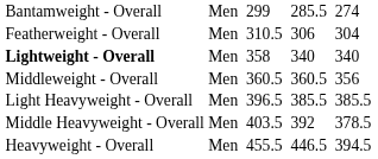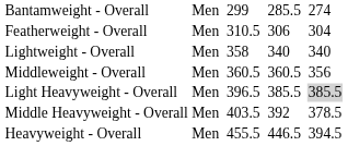 <table>
 <tr>
 <td>Bantamweight - Overall</td>
 <td>Men</td>
 <td></td>
 <td>299</td>
 <td></td>
 <td>285.5</td>
 <td></td>
 <td>274</td>
 </tr>
 <tr>
 <td>Featherweight - Overall</td>
 <td>Men</td>
 <td></td>
 <td>310.5</td>
 <td></td>
 <td>306</td>
 <td></td>
 <td>304</td>
 </tr>
 <tr>
-<td><strong>Lightweight - Overall</strong></td>
+<td>Lightweight - Overall</td>
 <td>Men</td>
 <td></td>
 <td>358</td>
 <td></td>
 <td>340</td>
 <td></td>
 <td>340</td>
 </tr>
 <tr>
 <td>Middleweight - Overall</td>
 <td>Men</td>
 <td></td>
 <td>360.5</td>
 <td></td>
 <td>360.5</td>
 <td></td>
 <td>356</td>
 </tr>
 <tr>
 <td>Light Heavyweight - Overall</td>
 <td>Men</td>
 <td></td>
 <td>396.5</td>
 <td></td>
 <td>385.5</td>
 <td></td>
-<td>385.5</td>
+<td style="background: lightgrey;">385.5</td>
 </tr>
 <tr>
 <td>Middle Heavyweight - Overall</td>
 <td>Men</td>
 <td></td>
 <td>403.5</td>
 <td></td>
 <td>392</td>
 <td></td>
 <td>378.5</td>
 </tr>
 <tr>
 <td>Heavyweight - Overall</td>
 <td>Men</td>
 <td></td>
 <td>455.5</td>
 <td></td>
 <td>446.5</td>
 <td></td>
 <td>394.5</td>
 </tr>
 </table>
